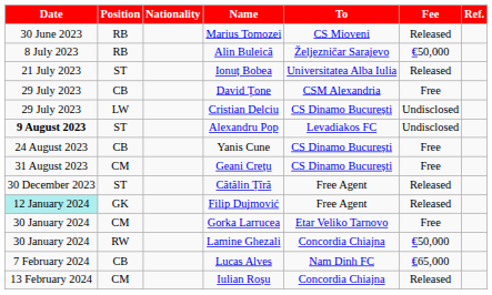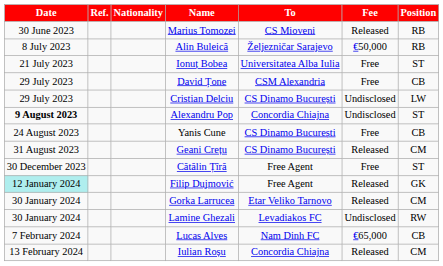 <table class="wikitable"  style="text-align:center; font-size:90%; ">
 <tr>
 <th style="background:red;color:white;">Date</th>
-<th style="background:red;color:white;">Position</th>
+<th style="background:red;color:white;">Ref.</th>
 <th style="background:red;color:white;">Nationality</th>
 <th style="background:red;color:white;">Name</th>
 <th style="background:red;color:white;">To</th>
 <th style="background:red;color:white;">Fee</th>
-<th style="background:red;color:white;">Ref.</th>
+<th style="background:red;color:white;">Position</th>
 </tr>
 <tr>
 <td>30 June 2023</td>
-<td>RB</td>
+<td></td>
 <td></td>
 <td><a href='#'>Marius Tomozei</a></td>
 <td><a href='#'>CS Mioveni</a></td>
 <td>Released</td>
-<td></td>
+<td>RB</td>
 </tr>
 <tr>
 <td>8 July 2023</td>
-<td>RB</td>
+<td></td>
 <td></td>
 <td><a href='#'>Alin Buleică</a></td>
 <td> <a href='#'>Željezničar Sarajevo</a></td>
 <td><a href='#'>€</a>50,000</td>
-<td></td>
+<td>RB</td>
 </tr>
 <tr>
 <td>21 July 2023</td>
-<td>ST</td>
+<td></td>
 <td></td>
 <td><a href='#'>Ionuț Bobea</a></td>
 <td><a href='#'>Universitatea Alba Iulia</a></td>
-<td>Released</td>
-<td></td>
+<td>Free</td>
+<td>ST</td>
 </tr>
 <tr>
 <td>29 July 2023</td>
-<td>CB</td>
+<td></td>
 <td></td>
 <td><a href='#'>David Țone</a></td>
 <td><a href='#'>CSM Alexandria</a></td>
 <td>Free</td>
-<td></td>
+<td>CB</td>
 </tr>
 <tr>
 <td>29 July 2023</td>
-<td>LW</td>
+<td></td>
 <td></td>
 <td><a href='#'>Cristian Delciu</a></td>
 <td><a href='#'>CS Dinamo București</a></td>
 <td>Undisclosed</td>
-<td></td>
+<td>LW</td>
 </tr>
 <tr>
 <td><strong>9 August 2023</strong></td>
-<td>ST</td>
+<td></td>
 <td></td>
 <td><a href='#'>Alexandru Pop</a></td>
-<td> <a href='#'>Levadiakos FC</a></td>
+<td><a href='#'>Concordia Chiajna</a></td>
 <td>Undisclosed</td>
-<td></td>
+<td>ST</td>
 </tr>
 <tr>
 <td>24 August 2023</td>
-<td>CB</td>
+<td></td>
 <td></td>
 <td>Yanis Cune</td>
 <td><a href='#'>CS Dinamo București</a></td>
 <td>Free</td>
-<td></td>
+<td>CB</td>
 </tr>
 <tr>
 <td>31 August 2023</td>
-<td>CM</td>
+<td></td>
 <td></td>
 <td><a href='#'>Geani Crețu</a></td>
 <td><a href='#'>CS Dinamo București</a></td>
-<td>Free</td>
-<td></td>
+<td>Released</td>
+<td>CM</td>
 </tr>
 <tr>
 <td>30 December 2023</td>
-<td>ST</td>
+<td></td>
 <td></td>
 <td><a href='#'>Cătălin Țîră</a></td>
 <td>Free Agent</td>
-<td>Released</td>
-<td></td>
+<td>Free</td>
+<td>ST</td>
 </tr>
 <tr>
 <td style="background: paleturquoise;">12 January 2024</td>
-<td>GK</td>
+<td></td>
 <td></td>
 <td><a href='#'>Filip Dujmović</a></td>
 <td>Free Agent</td>
 <td>Released</td>
-<td></td>
+<td>GK</td>
 </tr>
 <tr>
 <td>30 January 2024</td>
-<td>CM</td>
+<td></td>
 <td></td>
 <td><a href='#'>Gorka Larrucea</a></td>
 <td> <a href='#'>Etar Veliko Tarnovo</a></td>
-<td>Free</td>
-<td></td>
+<td>Released</td>
+<td>CM</td>
 </tr>
 <tr>
 <td>30 January 2024</td>
-<td>RW</td>
+<td></td>
 <td></td>
 <td><a href='#'>Lamine Ghezali</a></td>
-<td><a href='#'>Concordia Chiajna</a></td>
-<td><a href='#'>€</a>50,000</td>
-<td></td>
+<td> <a href='#'>Levadiakos FC</a></td>
+<td>Undisclosed</td>
+<td>RW</td>
 </tr>
 <tr>
 <td>7 February 2024</td>
-<td>CB</td>
+<td></td>
 <td></td>
 <td><a href='#'>Lucas Alves</a></td>
 <td> <a href='#'>Nam Dinh FC</a></td>
 <td><a href='#'>€</a>65,000</td>
-<td></td>
+<td>CB</td>
 </tr>
 <tr>
 <td>13 February 2024</td>
-<td>CM</td>
+<td></td>
 <td></td>
 <td><a href='#'>Iulian Roșu</a></td>
 <td><a href='#'>Concordia Chiajna</a></td>
 <td>Released</td>
-<td></td>
+<td>CM</td>
 </tr>
 </table>
